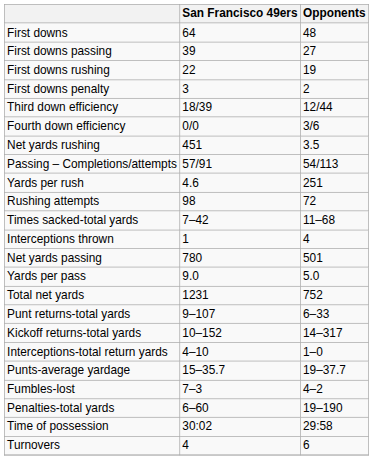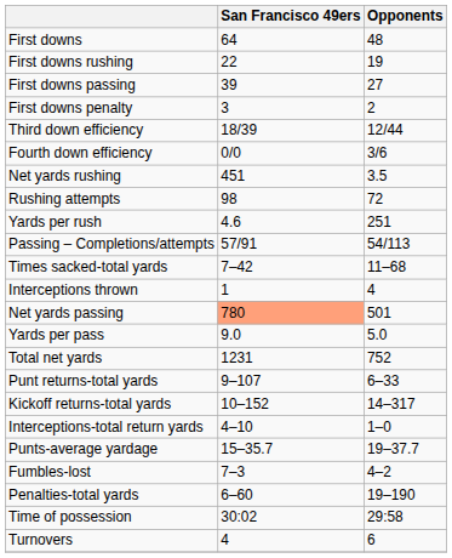 <table class="wikitable">
 <tr>
 <th></th>
 <th>San Francisco 49ers</th>
 <th>Opponents</th>
 </tr>
 <tr>
 <td>First downs</td>
 <td>64</td>
 <td>48</td>
 </tr>
 <tr>
+<td>First downs rushing</td>
+<td>22</td>
+<td>19</td>
+</tr>
+<tr>
 <td>First downs passing</td>
 <td>39</td>
 <td>27</td>
-</tr>
-<tr>
-<td>First downs rushing</td>
-<td>22</td>
-<td>19</td>
 </tr>
 <tr>
 <td>First downs penalty</td>
 <td>3</td>
 <td>2</td>
 </tr>
 <tr>
 <td>Third down efficiency</td>
 <td>18/39</td>
 <td>12/44</td>
 </tr>
 <tr>
 <td>Fourth down efficiency</td>
 <td>0/0</td>
 <td>3/6</td>
 </tr>
 <tr>
 <td>Net yards rushing</td>
 <td>451</td>
 <td>3.5</td>
 </tr>
 <tr>
-<td>Passing – Completions/attempts</td>
-<td>57/91</td>
-<td>54/113</td>
+<td>Rushing attempts</td>
+<td>98</td>
+<td>72</td>
 </tr>
 <tr>
 <td>Yards per rush</td>
 <td>4.6</td>
 <td>251</td>
 </tr>
 <tr>
-<td>Rushing attempts</td>
-<td>98</td>
-<td>72</td>
+<td>Passing – Completions/attempts</td>
+<td>57/91</td>
+<td>54/113</td>
 </tr>
 <tr>
 <td>Times sacked-total yards</td>
 <td>7–42</td>
 <td>11–68</td>
 </tr>
 <tr>
 <td>Interceptions thrown</td>
 <td>1</td>
 <td>4</td>
 </tr>
 <tr>
 <td>Net yards passing</td>
-<td>780</td>
+<td style="background: lightsalmon;">780</td>
 <td>501</td>
 </tr>
 <tr>
 <td>Yards per pass</td>
 <td>9.0</td>
 <td>5.0</td>
 </tr>
 <tr>
 <td>Total net yards</td>
 <td>1231</td>
 <td>752</td>
 </tr>
 <tr>
 <td>Punt returns-total yards</td>
 <td>9–107</td>
 <td>6–33</td>
 </tr>
 <tr>
 <td>Kickoff returns-total yards</td>
 <td>10–152</td>
 <td>14–317</td>
 </tr>
 <tr>
 <td>Interceptions-total return yards</td>
 <td>4–10</td>
 <td>1–0</td>
 </tr>
 <tr>
 <td>Punts-average yardage</td>
 <td>15–35.7</td>
 <td>19–37.7</td>
 </tr>
 <tr>
 <td>Fumbles-lost</td>
 <td>7–3</td>
 <td>4–2</td>
 </tr>
 <tr>
 <td>Penalties-total yards</td>
 <td>6–60</td>
 <td>19–190</td>
 </tr>
 <tr>
 <td>Time of possession</td>
 <td>30:02</td>
 <td>29:58</td>
 </tr>
 <tr>
 <td>Turnovers</td>
 <td>4</td>
 <td>6</td>
 </tr>
 <tr>
 </tr>
 </table>
